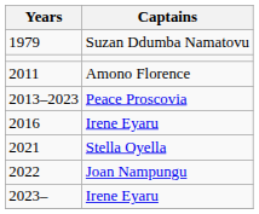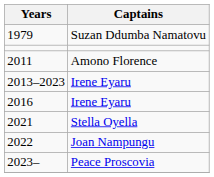 <table class="wikitable collapsible">
 <tr>
 <th>Years</th>
 <th>Captains</th>
 </tr>
 <tr>
 <td>1979</td>
 <td>Suzan Ddumba Namatovu</td>
 </tr>
 <tr>
 <td></td>
 </tr>
 <tr>
 <td>2011</td>
 <td>Amono Florence</td>
 </tr>
 <tr>
 <td>2013–2023</td>
-<td><a href='#'>Peace Proscovia</a></td>
+<td><a href='#'>Irene Eyaru</a></td>
 </tr>
 <tr>
 <td>2016</td>
 <td><a href='#'>Irene Eyaru</a></td>
 </tr>
 <tr>
 <td>2021</td>
 <td><a href='#'>Stella Oyella</a></td>
 </tr>
 <tr>
 <td>2022</td>
 <td><a href='#'>Joan Nampungu</a></td>
 </tr>
 <tr>
 <td>2023–</td>
-<td><a href='#'>Irene Eyaru</a></td>
+<td><a href='#'>Peace Proscovia</a></td>
 </tr>
 <tr>
 </tr>
 </table>
